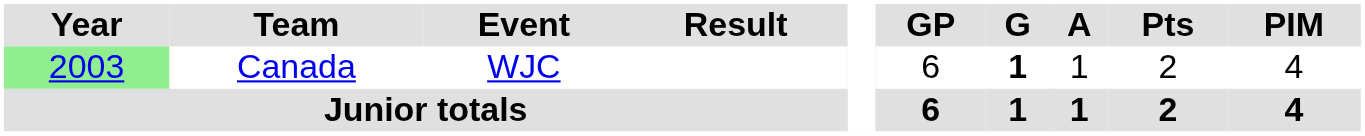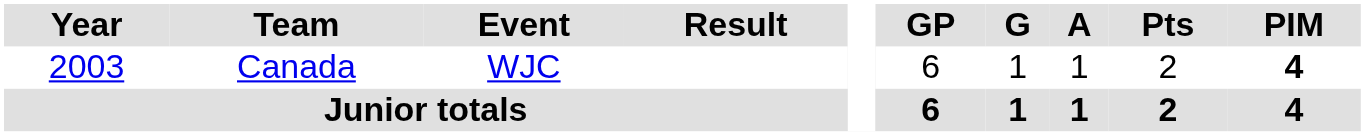 <table border="0" cellpadding="1" cellspacing="0" style="text-align:center; width:40em">
 <tr ALIGN="centre" bgcolor="#e0e0e0">
 <th>Year</th>
 <th>Team</th>
 <th>Event</th>
 <th>Result</th>
 <th rowspan="99" bgcolor="#ffffff"> </th>
 <th>GP</th>
 <th>G</th>
 <th>A</th>
 <th>Pts</th>
 <th>PIM</th>
 </tr>
 <tr>
-<td style="background: lightgreen;"><a href='#'>2003</a></td>
+<td><a href='#'>2003</a></td>
 <td><a href='#'>Canada</a></td>
 <td><a href='#'>WJC</a></td>
 <td></td>
 <td>6</td>
-<td><strong>1</strong></td>
+<td>1</td>
 <td>1</td>
 <td>2</td>
-<td>4</td>
+<td><strong>4</strong></td>
 </tr>
 <tr bgcolor="#e0e0e0">
 <th colspan=4>Junior totals</th>
 <th>6</th>
 <th>1</th>
 <th>1</th>
 <th>2</th>
 <th>4</th>
 </tr>
 </table>
